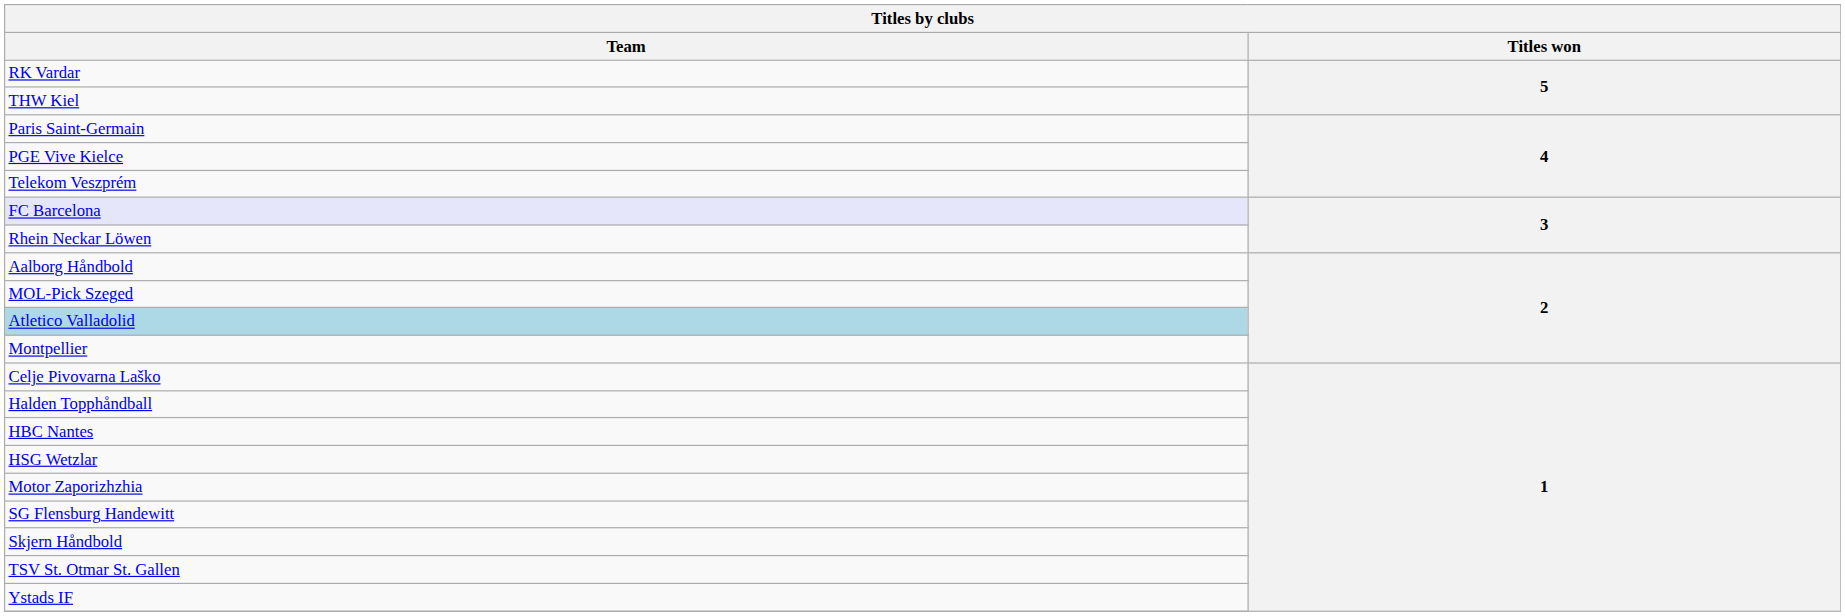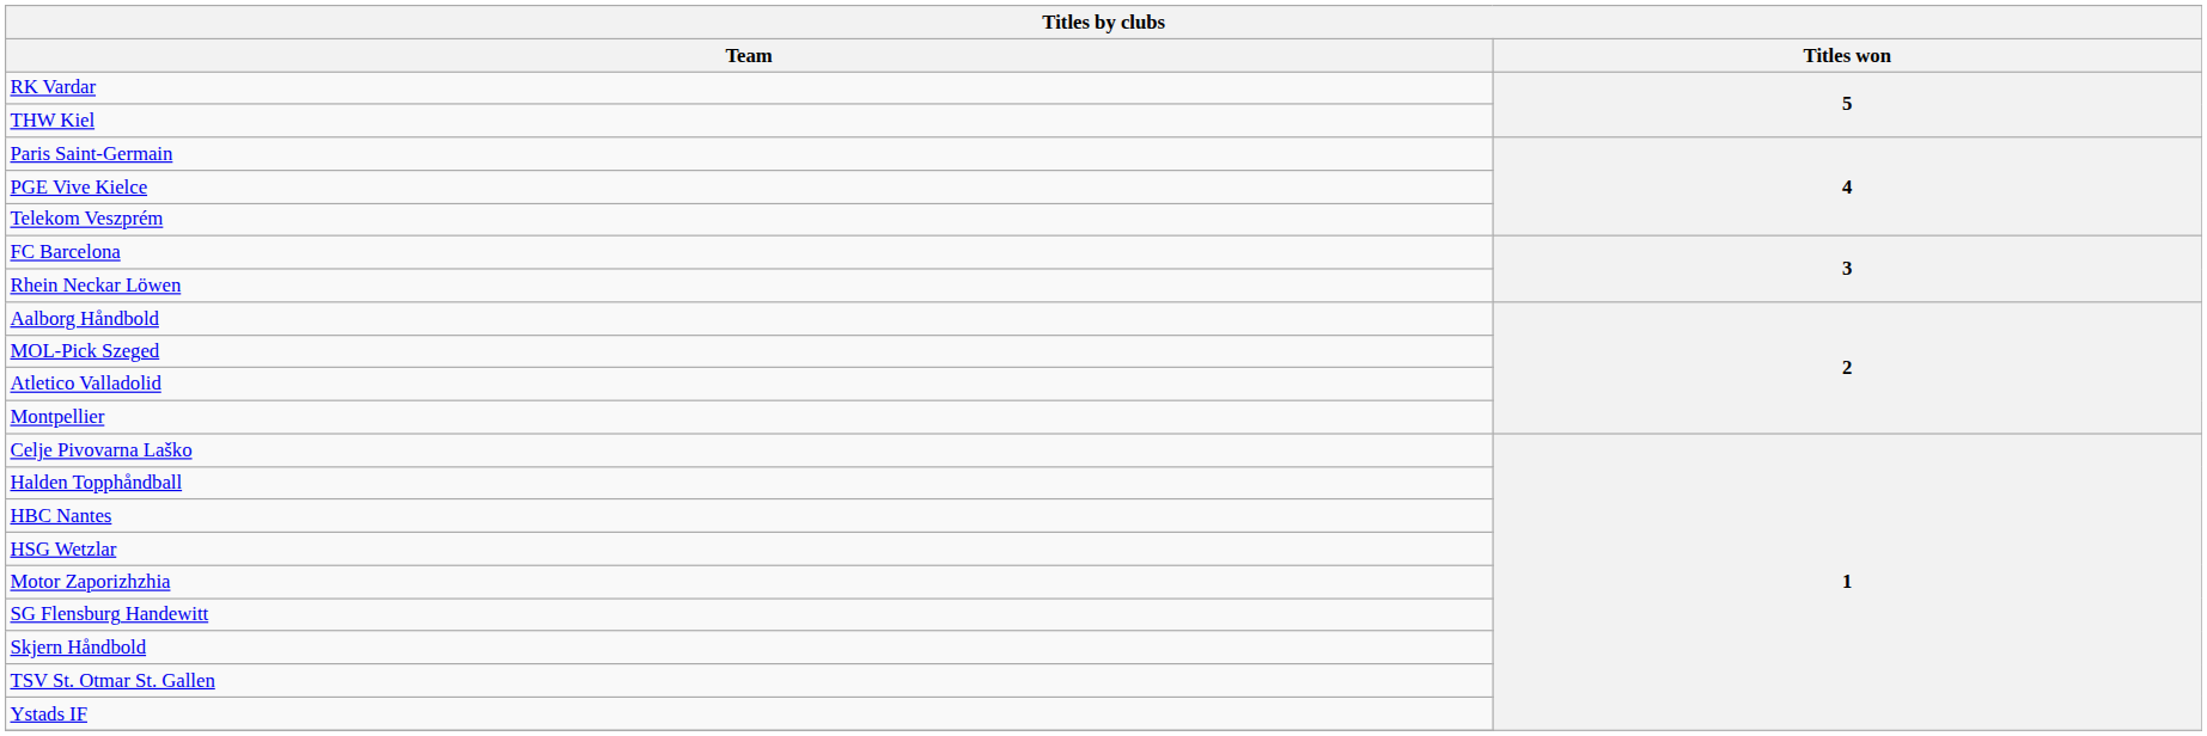 <table class="wikitable mw-collapsible mw-collapsed" style="width:100%; font-size:90%;">
 <tr>
 <th colspan="3">Titles by clubs</th>
 </tr>
 <tr>
 <th width="50">Team</th>
 <th width="20">Titles won</th>
 </tr>
 <tr>
 <td align="left"> <a href='#'>RK Vardar</a></td>
 <th rowspan=2><strong>5</strong></th>
 </tr>
 <tr>
 <td align="left"> <a href='#'>THW Kiel</a></td>
 </tr>
 <tr>
 <td align="left"> <a href='#'>Paris Saint-Germain</a></td>
 <th rowspan=3><strong>4</strong></th>
 </tr>
 <tr>
 <td align="left"> <a href='#'>PGE Vive Kielce</a></td>
 </tr>
 <tr>
 <td align="left"> <a href='#'>Telekom Veszprém</a></td>
 </tr>
 <tr>
-<td align="left" style="background: lavender;"> <a href='#'>FC Barcelona</a></td>
+<td align="left"> <a href='#'>FC Barcelona</a></td>
 <th rowspan=2><strong>3</strong></th>
 </tr>
 <tr>
 <td align="left"> <a href='#'>Rhein Neckar Löwen</a></td>
 </tr>
 <tr>
 <td align="left"> <a href='#'>Aalborg Håndbold</a></td>
 <th rowspan=4><strong>2</strong></th>
 </tr>
 <tr>
 <td align="left"> <a href='#'>MOL-Pick Szeged</a></td>
 </tr>
 <tr>
-<td align="left" style="background: lightblue;"> <a href='#'>Atletico Valladolid</a></td>
+<td align="left"> <a href='#'>Atletico Valladolid</a></td>
 </tr>
 <tr>
 <td align="left"> <a href='#'>Montpellier</a></td>
 </tr>
 <tr>
 <td align="left"> <a href='#'>Celje Pivovarna Laško</a></td>
 <th rowspan=10><strong>1</strong></th>
 </tr>
 <tr>
 <td align="left"> <a href='#'>Halden Topphåndball</a></td>
 </tr>
 <tr>
 <td align="left"> <a href='#'>HBC Nantes</a></td>
 </tr>
 <tr>
 <td align="left"> <a href='#'>HSG Wetzlar</a></td>
 </tr>
 <tr>
 <td align="left"> <a href='#'>Motor Zaporizhzhia</a></td>
 </tr>
 <tr>
 <td align="left"> <a href='#'>SG Flensburg Handewitt</a></td>
 </tr>
 <tr>
 <td align="left"> <a href='#'>Skjern Håndbold</a></td>
 </tr>
 <tr>
 <td align="left"> <a href='#'>TSV St. Otmar St. Gallen</a></td>
 </tr>
 <tr>
 <td align="left"> <a href='#'>Ystads IF</a></td>
 </tr>
 <tr>
 </tr>
 </table>
